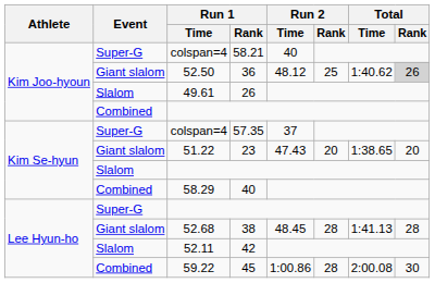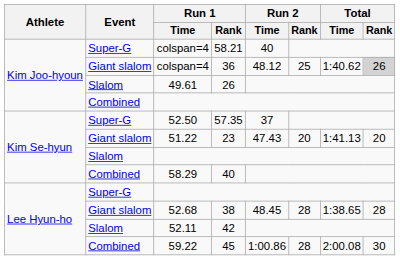 <table class="wikitable" style="font-size:90%">
 <tr>
 <th rowspan=2>Athlete</th>
 <th rowspan=2>Event</th>
 <th colspan=2>Run 1</th>
 <th colspan=2>Run 2</th>
 <th colspan=2>Total</th>
 </tr>
 <tr style="font-size:95%">
 <th>Time</th>
 <th>Rank</th>
 <th>Time</th>
 <th>Rank</th>
 <th>Time</th>
 <th>Rank</th>
 </tr>
 <tr align=center>
 <td align="left" rowspan="4"><a href='#'>Kim Joo-hyoun</a></td>
 <td align="left"><a href='#'>Super-G</a></td>
 <td>colspan=4</td>
 <td>58.21</td>
 <td>40</td>
 </tr>
 <tr align=center>
 <td align="left"><a href='#'>Giant slalom</a></td>
-<td>52.50</td>
+<td>colspan=4</td>
 <td>36</td>
 <td>48.12</td>
 <td>25</td>
 <td>1:40.62</td>
 <td style="background: lightgrey;">26</td>
 </tr>
 <tr align=center>
 <td align="left"><a href='#'>Slalom</a></td>
 <td>49.61</td>
 <td>26</td>
 <td colspan=4></td>
 </tr>
 <tr align=center>
 <td align="left"><a href='#'>Combined</a></td>
 <td colspan=6></td>
 </tr>
 <tr align=center>
 <td align="left" rowspan="4"><a href='#'>Kim Se-hyun</a></td>
 <td align="left"><a href='#'>Super-G</a></td>
-<td>colspan=4</td>
+<td>52.50</td>
 <td>57.35</td>
 <td>37</td>
 </tr>
 <tr align=center>
 <td align="left"><a href='#'>Giant slalom</a></td>
 <td>51.22</td>
 <td>23</td>
 <td>47.43</td>
 <td>20</td>
-<td>1:38.65</td>
+<td>1:41.13</td>
 <td>20</td>
 </tr>
 <tr align=center>
 <td align="left"><a href='#'>Slalom</a></td>
 <td colspan=6></td>
 </tr>
 <tr align=center>
 <td align="left"><a href='#'>Combined</a></td>
 <td>58.29</td>
 <td>40</td>
 <td colspan=4></td>
 </tr>
 <tr align=center>
 <td align="left" rowspan="4"><a href='#'>Lee Hyun-ho</a></td>
 <td align="left"><a href='#'>Super-G</a></td>
 <td colspan=6></td>
 </tr>
 <tr align=center>
 <td align="left"><a href='#'>Giant slalom</a></td>
 <td>52.68</td>
 <td>38</td>
 <td>48.45</td>
 <td>28</td>
-<td>1:41.13</td>
+<td>1:38.65</td>
 <td>28</td>
 </tr>
 <tr align=center>
 <td align="left"><a href='#'>Slalom</a></td>
 <td>52.11</td>
 <td>42</td>
 <td colspan=4></td>
 </tr>
 <tr align=center>
 <td align="left"><a href='#'>Combined</a></td>
 <td>59.22</td>
 <td>45</td>
 <td>1:00.86</td>
 <td>28</td>
 <td>2:00.08</td>
 <td>30</td>
 </tr>
 </table>
